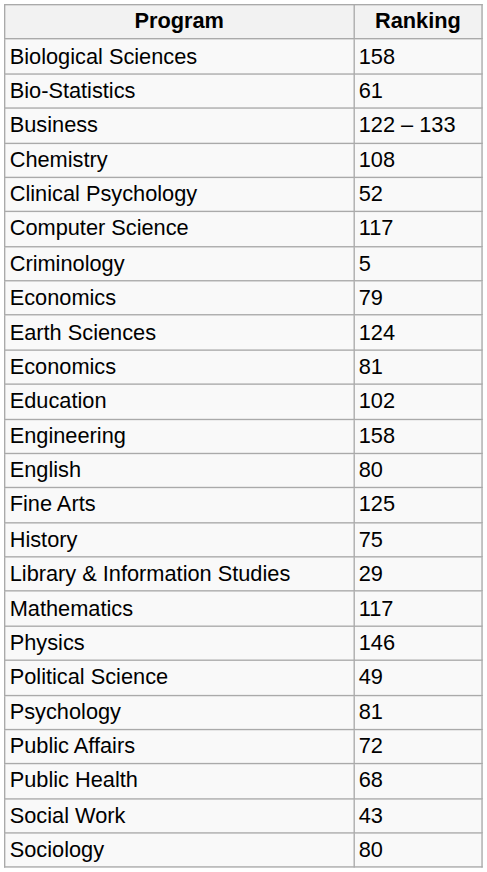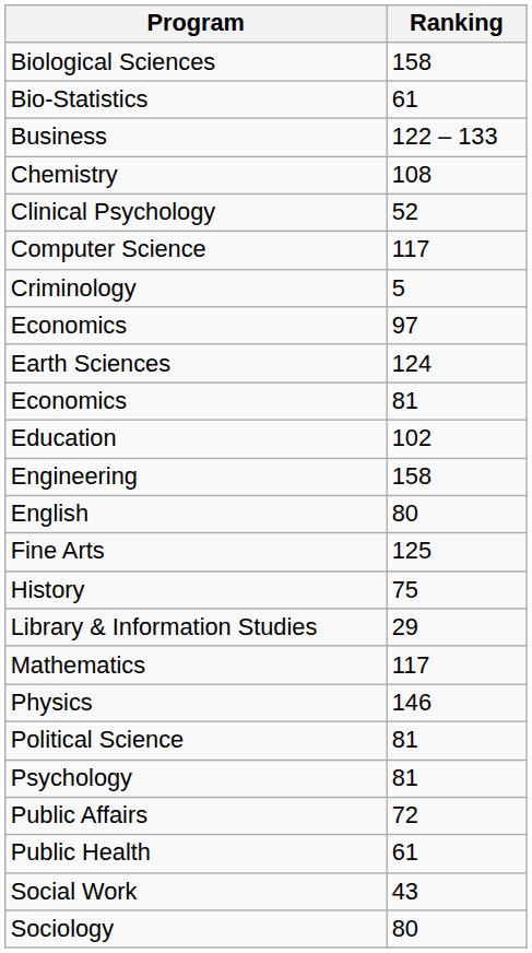 <table class="wikitable floatright" style="width: 22em;">
 <tr>
 <th scope="col">Program</th>
 <th scope="col">Ranking</th>
 </tr>
 <tr>
 <td>Biological Sciences</td>
 <td>158</td>
 </tr>
 <tr>
 <td>Bio-Statistics</td>
 <td>61</td>
 </tr>
 <tr>
 <td>Business</td>
 <td>122 – 133</td>
 </tr>
 <tr>
 <td>Chemistry</td>
 <td>108</td>
 </tr>
 <tr>
 <td>Clinical Psychology</td>
 <td>52</td>
 </tr>
 <tr>
 <td>Computer Science</td>
 <td>117</td>
 </tr>
 <tr>
 <td>Criminology</td>
 <td>5</td>
 </tr>
 <tr>
 <td>Economics</td>
-<td>79</td>
+<td>97</td>
 </tr>
 <tr>
 <td>Earth Sciences</td>
 <td>124</td>
 </tr>
 <tr>
 <td>Economics</td>
 <td>81</td>
 </tr>
 <tr>
 <td>Education</td>
 <td>102</td>
 </tr>
 <tr>
 <td>Engineering</td>
 <td>158</td>
 </tr>
 <tr>
 <td>English</td>
 <td>80</td>
 </tr>
 <tr>
 <td>Fine Arts</td>
 <td>125</td>
 </tr>
 <tr>
 <td>History</td>
 <td>75</td>
 </tr>
 <tr>
 <td>Library & Information Studies</td>
 <td>29</td>
 </tr>
 <tr>
 <td>Mathematics</td>
 <td>117</td>
 </tr>
 <tr>
 <td>Physics</td>
 <td>146</td>
 </tr>
 <tr>
 <td>Political Science</td>
-<td>49</td>
+<td>81</td>
 </tr>
 <tr>
 <td>Psychology</td>
 <td>81</td>
 </tr>
 <tr>
 <td>Public Affairs</td>
 <td>72</td>
 </tr>
 <tr>
 <td>Public Health</td>
-<td>68</td>
+<td>61</td>
 </tr>
 <tr>
 <td>Social Work</td>
 <td>43</td>
 </tr>
 <tr>
 <td>Sociology</td>
 <td>80</td>
 </tr>
 </table>
